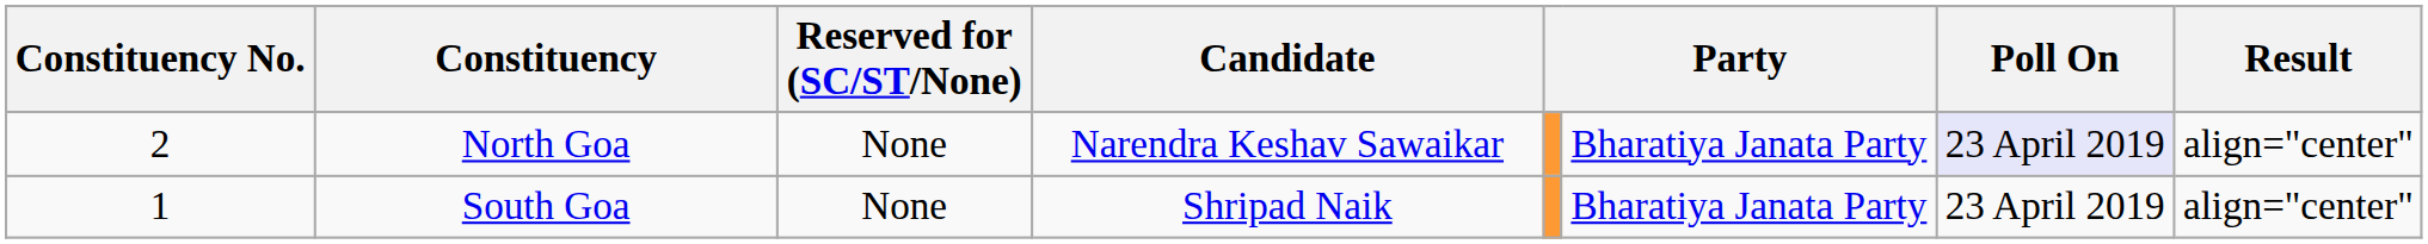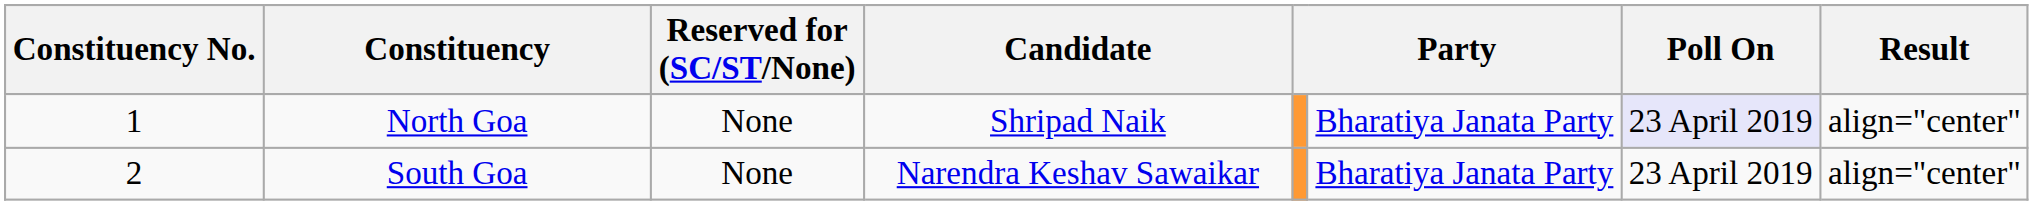 <table class="wikitable sortable" style="text-align:center;">
 <tr>
 <th>Constituency No.</th>
 <th style="width:180px;">Constituency</th>
 <th>Reserved for<br>(<a href='#'>SC/ST</a>/None)</th>
 <th style="width:200px;">Candidate</th>
 <th colspan="2">Party</th>
 <th>Poll On</th>
 <th>Result</th>
 </tr>
 <tr>
-<td align="center">2</td>
+<td align="center">1</td>
 <td><a href='#'>North Goa</a></td>
 <td align="center">None</td>
-<td><a href='#'>Narendra Keshav Sawaikar</a></td>
+<td><a href='#'>Shripad Naik</a></td>
 <td bgcolor=#FF9933></td>
 <td><a href='#'>Bharatiya Janata Party</a></td>
 <td align="center" style="background: lavender;">23 April 2019</td>
 <td>align="center" </td>
 </tr>
 <tr>
-<td align="center">1</td>
+<td align="center">2</td>
 <td><a href='#'>South Goa</a></td>
 <td align="center">None</td>
-<td><a href='#'>Shripad Naik</a></td>
+<td><a href='#'>Narendra Keshav Sawaikar</a></td>
 <td bgcolor=#FF9933></td>
 <td><a href='#'>Bharatiya Janata Party</a></td>
 <td align="center">23 April 2019</td>
 <td>align="center" </td>
 </tr>
 </table>
